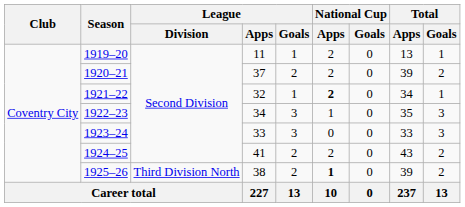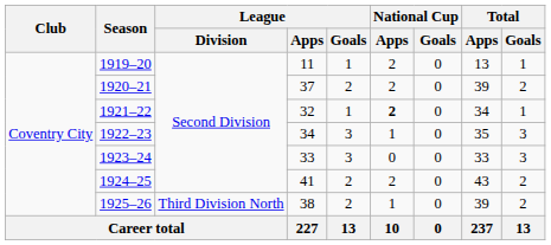 <table class="wikitable" style="text-align:center">
 <tr>
 <th rowspan="2">Club</th>
 <th rowspan="2">Season</th>
 <th colspan="3">League</th>
 <th colspan="2">National Cup</th>
 <th colspan="2">Total</th>
 </tr>
 <tr>
 <th>Division</th>
 <th>Apps</th>
 <th>Goals</th>
 <th>Apps</th>
 <th>Goals</th>
 <th>Apps</th>
 <th>Goals</th>
 </tr>
 <tr>
 <td rowspan="7"><a href='#'>Coventry City</a></td>
 <td><a href='#'>1919–20</a></td>
 <td rowspan="6"><a href='#'>Second Division</a></td>
 <td>11</td>
 <td>1</td>
 <td>2</td>
 <td>0</td>
 <td>13</td>
 <td>1</td>
 </tr>
 <tr>
 <td><a href='#'>1920–21</a></td>
 <td>37</td>
 <td>2</td>
 <td>2</td>
 <td>0</td>
 <td>39</td>
 <td>2</td>
 </tr>
 <tr>
 <td><a href='#'>1921–22</a></td>
 <td>32</td>
 <td>1</td>
 <td><strong>2</strong></td>
 <td>0</td>
 <td>34</td>
 <td>1</td>
 </tr>
 <tr>
 <td><a href='#'>1922–23</a></td>
 <td>34</td>
 <td>3</td>
 <td>1</td>
 <td>0</td>
 <td>35</td>
 <td>3</td>
 </tr>
 <tr>
 <td><a href='#'>1923–24</a></td>
 <td>33</td>
 <td>3</td>
 <td>0</td>
 <td>0</td>
 <td>33</td>
 <td>3</td>
 </tr>
 <tr>
 <td><a href='#'>1924–25</a></td>
 <td>41</td>
 <td>2</td>
 <td>2</td>
 <td>0</td>
 <td>43</td>
 <td>2</td>
 </tr>
 <tr>
 <td><a href='#'>1925–26</a></td>
 <td><a href='#'>Third Division North</a></td>
 <td>38</td>
 <td>2</td>
-<td><strong>1</strong></td>
+<td>1</td>
 <td>0</td>
 <td>39</td>
 <td>2</td>
 </tr>
 <tr>
 <th colspan="3">Career total</th>
 <th>227</th>
 <th>13</th>
 <th>10</th>
 <th>0</th>
 <th>237</th>
 <th>13</th>
 </tr>
 </table>
